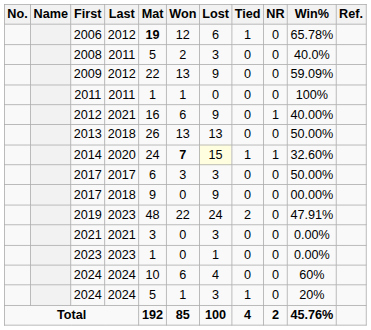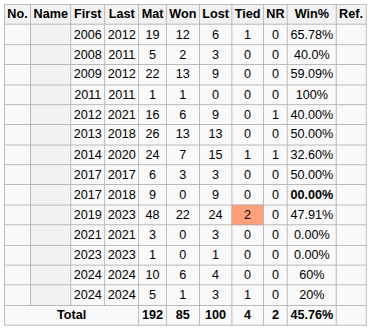 <table class="wikitable plainrowheaders sortable">
 <tr>
 <th scope="col">No.</th>
 <th scope="col">Name</th>
 <th scope="col">First</th>
 <th scope="col">Last</th>
 <th scope="col">Mat</th>
 <th scope="col">Won</th>
 <th scope="col">Lost</th>
 <th scope="col">Tied</th>
 <th scope="col">NR</th>
 <th scope="col">Win%</th>
 <th scope="col">Ref.</th>
 </tr>
 <tr align=center>
 <td></td>
 <th scope="row"></th>
 <td>2006</td>
 <td>2012</td>
-<td><strong>19</strong></td>
+<td>19</td>
 <td>12</td>
 <td>6</td>
 <td>1</td>
 <td>0</td>
 <td>65.78%</td>
 <td></td>
 </tr>
 <tr align=center>
 <td></td>
 <th scope="row"></th>
 <td>2008</td>
 <td>2011</td>
 <td>5</td>
 <td>2</td>
 <td>3</td>
 <td>0</td>
 <td>0</td>
 <td>40.0%</td>
 <td></td>
 </tr>
 <tr align=center>
 <td></td>
 <th scope="row"></th>
 <td>2009</td>
 <td>2012</td>
 <td>22</td>
 <td>13</td>
 <td>9</td>
 <td>0</td>
 <td>0</td>
 <td>59.09%</td>
 <td></td>
 </tr>
 <tr align=center>
 <td></td>
 <th scope="row"></th>
 <td>2011</td>
 <td>2011</td>
 <td>1</td>
 <td>1</td>
 <td>0</td>
 <td>0</td>
 <td>0</td>
 <td>100%</td>
 <td></td>
 </tr>
 <tr align=center>
 <td></td>
 <th scope="row"></th>
 <td>2012</td>
 <td>2021</td>
 <td>16</td>
 <td>6</td>
 <td>9</td>
 <td>0</td>
 <td>1</td>
 <td>40.00%</td>
 <td></td>
 </tr>
 <tr align=center>
 <td></td>
 <th scope="row"></th>
 <td>2013</td>
 <td>2018</td>
 <td>26</td>
 <td>13</td>
 <td>13</td>
 <td>0</td>
 <td>0</td>
 <td>50.00%</td>
 <td></td>
 </tr>
 <tr align=center>
 <td></td>
 <th scope="row"></th>
 <td>2014</td>
 <td>2020</td>
 <td>24</td>
-<td><strong>7</strong></td>
-<td style="background: lightyellow;">15</td>
+<td>7</td>
+<td>15</td>
 <td>1</td>
 <td>1</td>
 <td>32.60%</td>
 <td></td>
 </tr>
 <tr align=center>
 <td></td>
 <th scope="row"></th>
 <td>2017</td>
 <td>2017</td>
 <td>6</td>
 <td>3</td>
 <td>3</td>
 <td>0</td>
 <td>0</td>
 <td>50.00%</td>
 <td></td>
 </tr>
 <tr align=center>
 <td></td>
 <th scope="row"></th>
 <td>2017</td>
 <td>2018</td>
 <td>9</td>
 <td>0</td>
 <td>9</td>
 <td>0</td>
 <td>0</td>
-<td>00.00%</td>
+<td><strong>00.00%</strong></td>
 <td></td>
 </tr>
 <tr align=center>
 <td></td>
 <th scope="row"></th>
 <td>2019</td>
 <td>2023</td>
 <td>48</td>
 <td>22</td>
 <td>24</td>
-<td>2</td>
+<td style="background: lightsalmon;">2</td>
 <td>0</td>
 <td>47.91%</td>
 <td></td>
 </tr>
 <tr align=center>
 <td></td>
 <th scope="row"></th>
 <td>2021</td>
 <td>2021</td>
 <td>3</td>
 <td>0</td>
 <td>3</td>
 <td>0</td>
 <td>0</td>
 <td>0.00%</td>
 <td></td>
 </tr>
 <tr align=center>
 <td></td>
 <th scope="row"></th>
 <td>2023</td>
 <td>2023</td>
 <td>1</td>
 <td>0</td>
 <td>1</td>
 <td>0</td>
 <td>0</td>
 <td>0.00%</td>
 <td></td>
 </tr>
 <tr align=center>
 <td></td>
 <th scope="row"></th>
 <td>2024</td>
 <td>2024</td>
 <td>10</td>
 <td>6</td>
 <td>4</td>
 <td>0</td>
 <td>0</td>
 <td>60%</td>
 <td></td>
 </tr>
 <tr align=center>
 <td></td>
 <th scope="row"></th>
 <td>2024</td>
 <td>2024</td>
 <td>5</td>
 <td>1</td>
 <td>3</td>
 <td>1</td>
 <td>0</td>
 <td>20%</td>
 <td></td>
 </tr>
 <tr class="sortbottom" align=center>
 <td colspan=4><strong>Total</strong></td>
 <td><strong>192</strong></td>
 <td><strong>85</strong></td>
 <td><strong>100</strong></td>
 <td><strong>4</strong></td>
 <td><strong>2</strong></td>
 <td><strong>45.76%</strong></td>
 </tr>
 </table>
